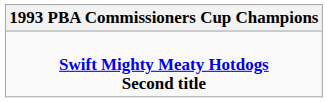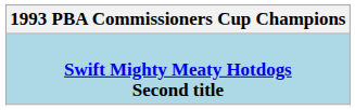 <table class=wikitable style="text-align:center; margin:auto">
 <tr>
 <th>1993 PBA Commissioners Cup Champions</th>
 </tr>
 <tr>
-<td><br> <strong><a href='#'>Swift Mighty Meaty Hotdogs</a></strong> <br> <strong>Second title</strong></td>
+<td style="background: lightblue;"><br> <strong><a href='#'>Swift Mighty Meaty Hotdogs</a></strong> <br> <strong>Second title</strong></td>
 </tr>
 </table>
